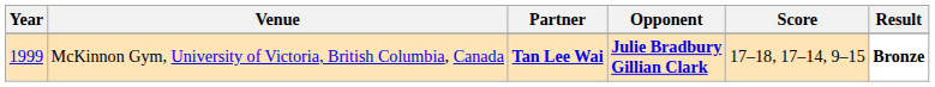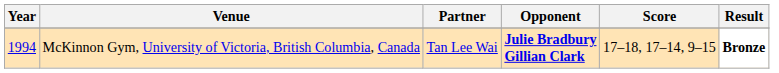 <table class="sortable wikitable" style="font-size: 90%;">
 <tr>
 <th>Year</th>
 <th>Venue</th>
 <th>Partner</th>
 <th>Opponent</th>
 <th>Score</th>
 <th>Result</th>
 </tr>
 <tr>
 </tr>
 <tr style="background:#FFE4B5">
-<td align="center"><a href='#'>1999</a></td>
+<td align="center"><a href='#'>1994</a></td>
 <td align="left">McKinnon Gym, <a href='#'>University of Victoria</a><a href='#'>, British Columbia</a>, <a href='#'>Canada</a></td>
-<td align="left"><strong> <a href='#'>Tan Lee Wai</a></strong></td>
+<td align="left"> <a href='#'>Tan Lee Wai</a></td>
 <td align="left"><strong> <a href='#'>Julie Bradbury</a> <br>  <a href='#'>Gillian Clark</a></strong></td>
 <td align="left">17–18, 17–14, 9–15</td>
 <td style="text-align:left; background:white"> <strong>Bronze</strong></td>
 </tr>
 </table>
